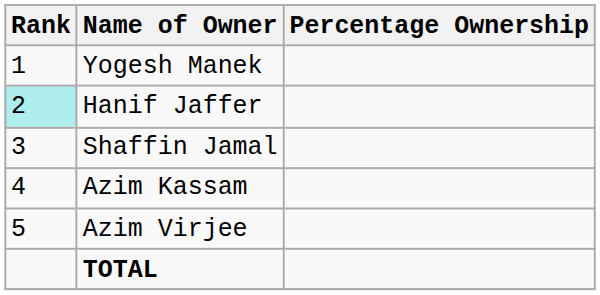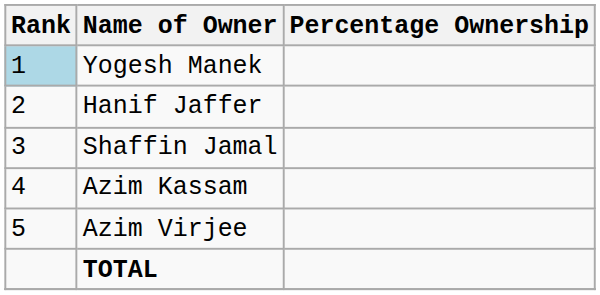 <table class="wikitable sortable" style="margin-left:auto;margin-right:auto">
 <tr>
 <th style="width:2em;">Rank</th>
 <th>Name of Owner</th>
 <th>Percentage Ownership</th>
 </tr>
 <tr>
-<td>1</td>
+<td style="background: lightblue;">1</td>
 <td>Yogesh Manek</td>
 <td></td>
 </tr>
 <tr>
-<td style="background: paleturquoise;">2</td>
+<td>2</td>
 <td>Hanif Jaffer</td>
 <td></td>
 </tr>
 <tr>
 <td>3</td>
 <td>Shaffin Jamal</td>
 <td></td>
 </tr>
 <tr>
 <td>4</td>
 <td>Azim Kassam</td>
 <td></td>
 </tr>
 <tr>
 <td>5</td>
 <td>Azim Virjee</td>
 <td></td>
 </tr>
 <tr>
 <td></td>
 <td><strong>TOTAL</strong></td>
 <td></td>
 </tr>
 <tr>
 </tr>
 </table>
